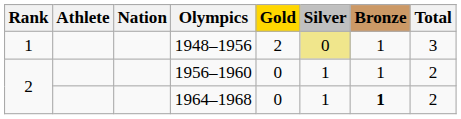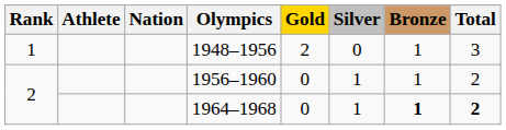 <table class="wikitable sortable" style="text-align:center">
 <tr>
 <th>Rank</th>
 <th>Athlete</th>
 <th>Nation</th>
 <th>Olympics</th>
 <th style="background-color:gold">Gold</th>
 <th style="background-color:silver">Silver</th>
 <th style="background-color:#cc9966">Bronze</th>
 <th>Total</th>
 </tr>
 <tr>
 <td>1</td>
 <td align=left></td>
 <td align=left></td>
 <td>1948–1956</td>
 <td>2</td>
-<td style="background: khaki;">0</td>
+<td>0</td>
 <td>1</td>
 <td>3</td>
 </tr>
 <tr>
 <td rowspan=2>2</td>
 <td align=left></td>
 <td align=left></td>
 <td>1956–1960</td>
 <td>0</td>
 <td>1</td>
 <td>1</td>
 <td>2</td>
 </tr>
 <tr>
 <td align=left></td>
 <td align=left></td>
 <td>1964–1968</td>
 <td>0</td>
 <td>1</td>
 <td><strong>1</strong></td>
-<td>2</td>
+<td><strong>2</strong></td>
 </tr>
 </table>
